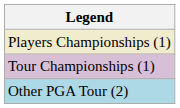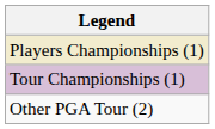 <table class="wikitable" style="font-size:95%;">
 <tr>
 <th>Legend</th>
 </tr>
 <tr style="background:#f2ecce;">
 <td>Players Championships (1)</td>
 </tr>
 <tr style="background:thistle;">
 <td>Tour Championships (1)</td>
 </tr>
 <tr>
-<td style="background: lightblue;">Other PGA Tour (2)</td>
+<td>Other PGA Tour (2)</td>
 </tr>
 </table>
